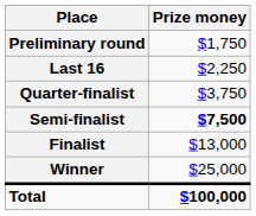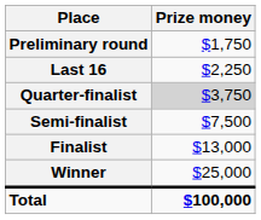 <table class="wikitable sortable plainrowheaders">
 <tr>
 <th scope=col>Place</th>
 <th scope=col>Prize money</th>
 </tr>
 <tr>
 <th scope=row>Preliminary round</th>
 <td style="text-align:right"><a href='#'>$</a>1,750</td>
 </tr>
 <tr>
 <th scope=row>Last 16</th>
 <td style="text-align:right"><a href='#'>$</a>2,250</td>
 </tr>
 <tr>
 <th scope=row>Quarter-finalist</th>
-<td style="text-align:right"><a href='#'>$</a>3,750</td>
+<td style="background: lightgrey; text-align:right"><a href='#'>$</a>3,750</td>
 </tr>
 <tr>
 <th scope=row>Semi-finalist</th>
-<td style="text-align:right"><strong><a href='#'>$</a>7,500</strong></td>
+<td style="text-align:right"><a href='#'>$</a>7,500</td>
 </tr>
 <tr>
 <th scope=row>Finalist</th>
 <td style="text-align:right"><a href='#'>$</a>13,000</td>
 </tr>
 <tr>
 <th scope=row>Winner</th>
 <td style="text-align:right"><a href='#'>$</a>25,000</td>
 </tr>
 <tr class="sortbottom">
 <td style="border-top:medium solid"><strong>Total</strong></td>
 <td style="border-top:medium solid; text-align:right"><strong><a href='#'>$</a>100,000</strong></td>
 </tr>
 </table>
